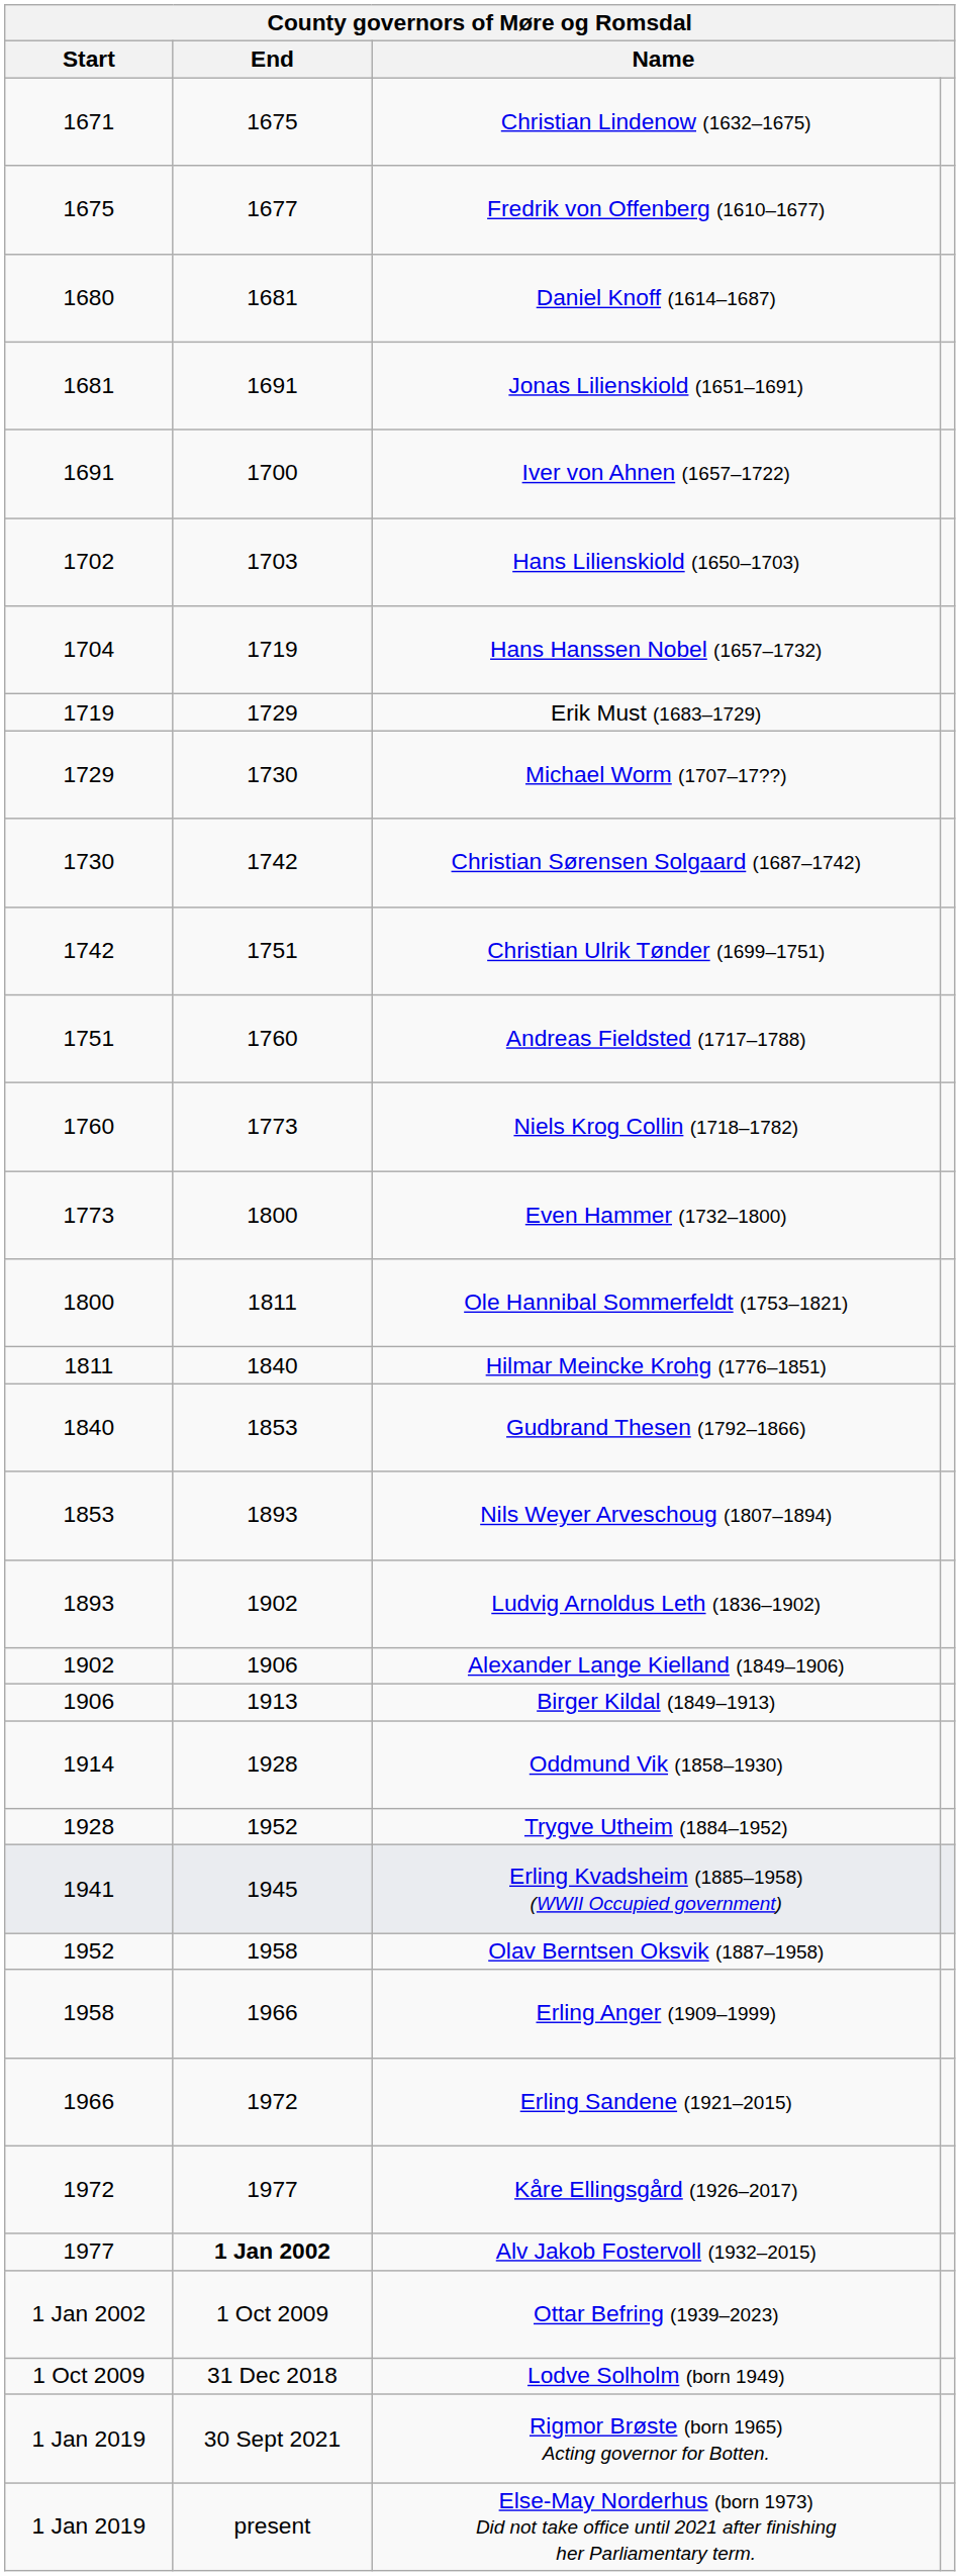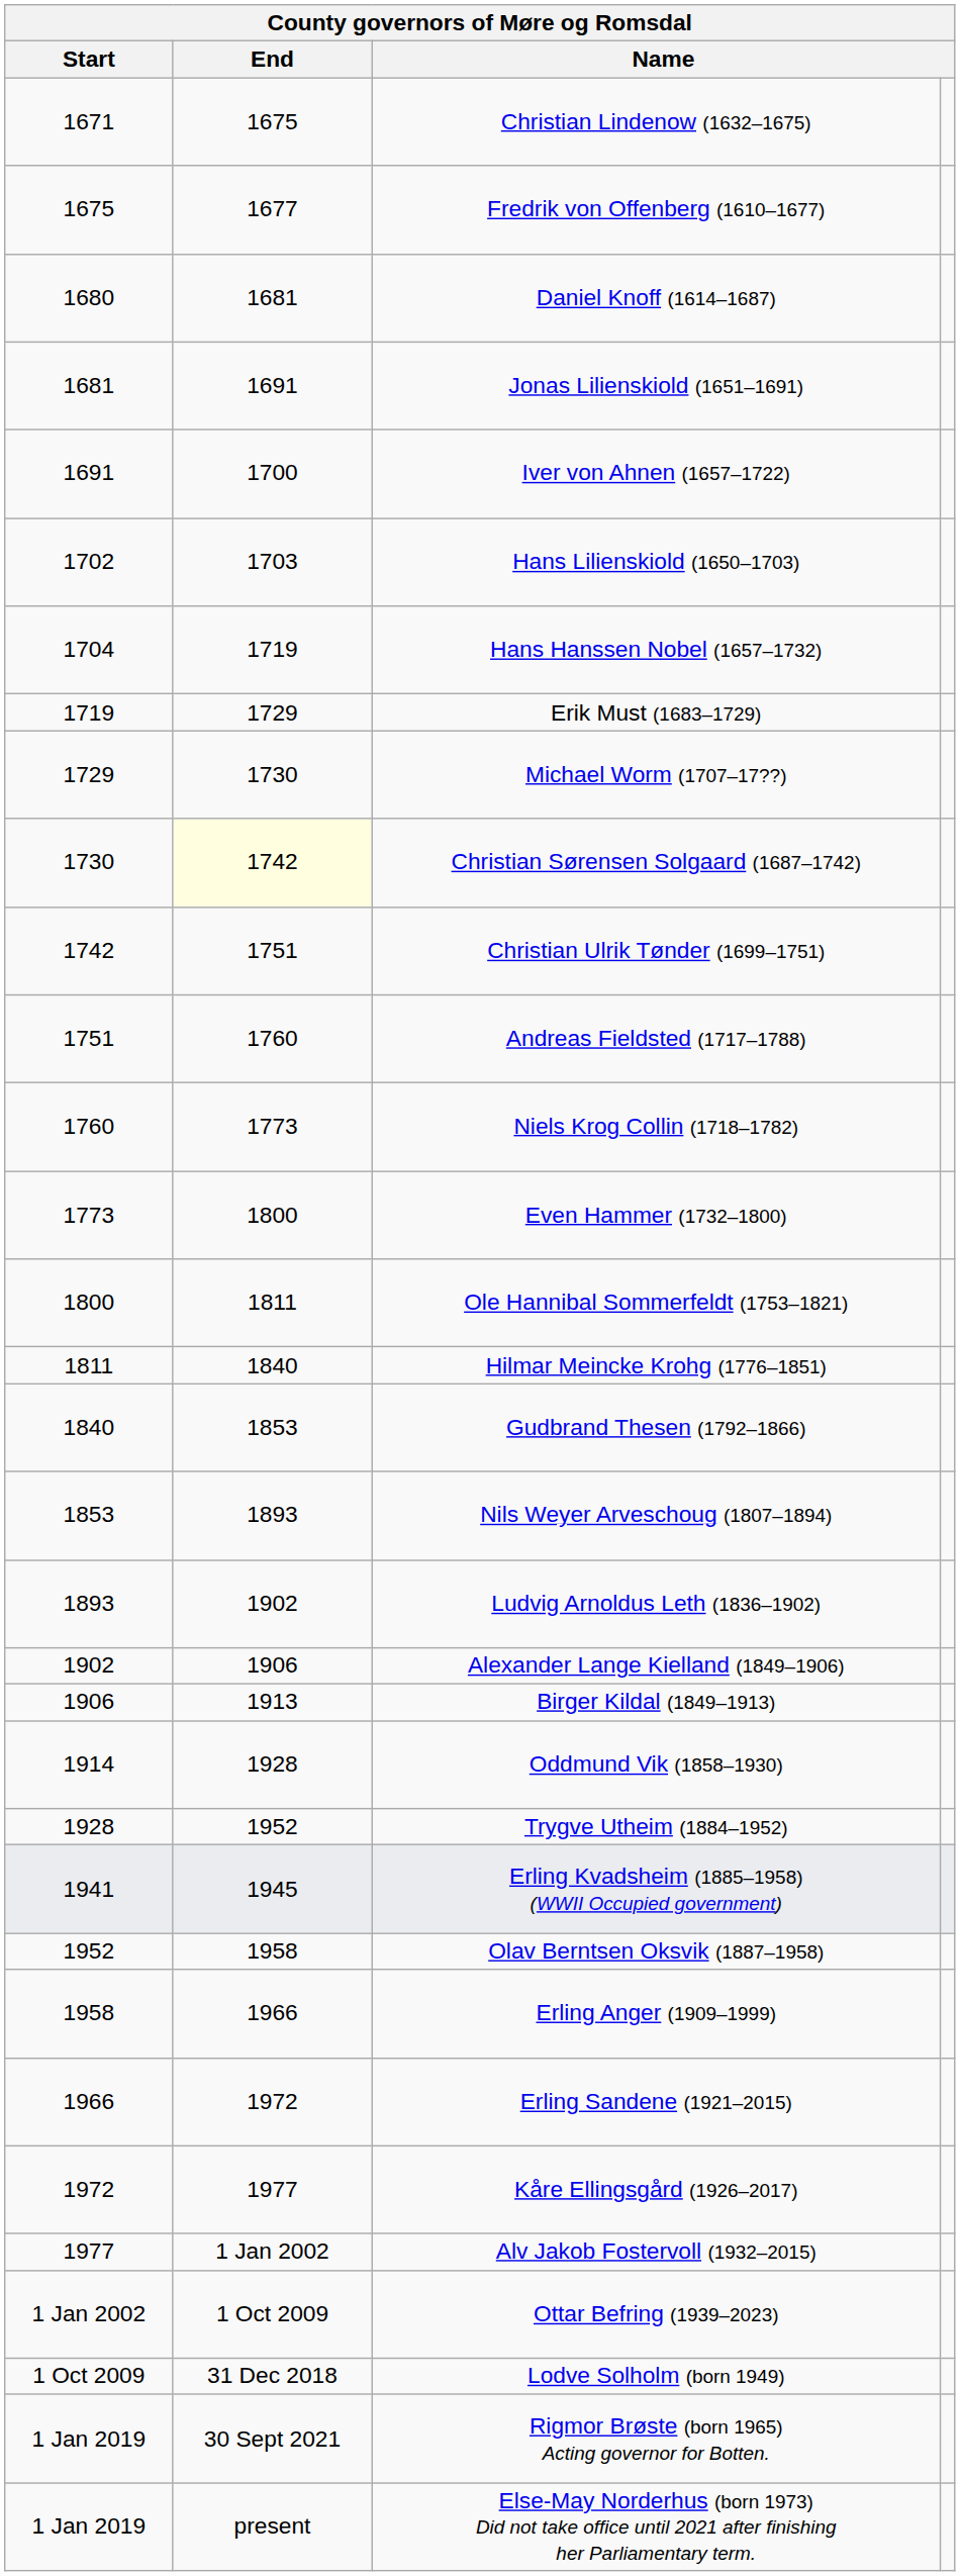 <table class="wikitable" style="text-align:center; width:75%;">
 <tr>
 <th colspan=5>County governors of Møre og Romsdal</th>
 </tr>
 <tr>
 <th>Start</th>
 <th>End</th>
 <th colspan="2">Name</th>
 </tr>
 <tr>
 <td>1671</td>
 <td>1675</td>
 <td><a href='#'>Christian Lindenow</a> <small>(1632–1675)</small></td>
 <td><br><br><br></td>
 </tr>
 <tr>
 <td>1675</td>
 <td>1677</td>
 <td><a href='#'>Fredrik von Offenberg</a> <small>(1610–1677)</small></td>
 <td><br><br><br></td>
 </tr>
 <tr>
 <td>1680</td>
 <td>1681</td>
 <td><a href='#'>Daniel Knoff</a> <small>(1614–1687)</small></td>
 <td><br><br><br></td>
 </tr>
 <tr>
 <td>1681</td>
 <td>1691</td>
 <td><a href='#'>Jonas Lilienskiold</a> <small>(1651–1691)</small></td>
 <td><br><br><br></td>
 </tr>
 <tr>
 <td>1691</td>
 <td>1700</td>
 <td><a href='#'>Iver von Ahnen</a> <small>(1657–1722)</small></td>
 <td><br><br><br></td>
 </tr>
 <tr>
 <td>1702</td>
 <td>1703</td>
 <td><a href='#'>Hans Lilienskiold</a> <small>(1650–1703)</small></td>
 <td><br><br><br></td>
 </tr>
 <tr>
 <td>1704</td>
 <td>1719</td>
 <td><a href='#'>Hans Hanssen Nobel</a> <small>(1657–1732)</small></td>
 <td><br><br><br></td>
 </tr>
 <tr>
 <td>1719</td>
 <td>1729</td>
 <td>Erik Must <small>(1683–1729)</small></td>
 <td></td>
 </tr>
 <tr>
 <td>1729</td>
 <td>1730</td>
 <td><a href='#'>Michael Worm</a> <small>(1707–17??)</small></td>
 <td><br><br><br></td>
 </tr>
 <tr>
 <td>1730</td>
-<td>1742</td>
+<td style="background: lightyellow;">1742</td>
 <td><a href='#'>Christian Sørensen Solgaard</a> <small>(1687–1742)</small></td>
 <td><br><br><br></td>
 </tr>
 <tr>
 <td>1742</td>
 <td>1751</td>
 <td><a href='#'>Christian Ulrik Tønder</a> <small>(1699–1751)</small></td>
 <td><br><br><br></td>
 </tr>
 <tr>
 <td>1751</td>
 <td>1760</td>
 <td><a href='#'>Andreas Fieldsted</a> <small>(1717–1788)</small></td>
 <td><br><br><br></td>
 </tr>
 <tr>
 <td>1760</td>
 <td>1773</td>
 <td><a href='#'>Niels Krog Collin</a> <small>(1718–1782)</small></td>
 <td><br><br><br></td>
 </tr>
 <tr>
 <td>1773</td>
 <td>1800</td>
 <td><a href='#'>Even Hammer</a> <small>(1732–1800)</small></td>
 <td><br><br><br></td>
 </tr>
 <tr>
 <td>1800</td>
 <td>1811</td>
 <td><a href='#'>Ole Hannibal Sommerfeldt</a> <small>(1753–1821)</small></td>
 <td><br><br><br></td>
 </tr>
 <tr>
 <td>1811</td>
 <td>1840</td>
 <td><a href='#'>Hilmar Meincke Krohg</a> <small>(1776–1851)</small></td>
 <td></td>
 </tr>
 <tr>
 <td>1840</td>
 <td>1853</td>
 <td><a href='#'>Gudbrand Thesen</a> <small>(1792–1866)</small></td>
 <td><br><br><br></td>
 </tr>
 <tr>
 <td>1853</td>
 <td>1893</td>
 <td><a href='#'>Nils Weyer Arveschoug</a> <small>(1807–1894)</small></td>
 <td><br><br><br></td>
 </tr>
 <tr>
 <td>1893</td>
 <td>1902</td>
 <td><a href='#'>Ludvig Arnoldus Leth</a> <small>(1836–1902)</small></td>
 <td><br><br><br></td>
 </tr>
 <tr>
 <td>1902</td>
 <td>1906</td>
 <td><a href='#'>Alexander Lange Kielland</a> <small>(1849–1906)</small></td>
 <td></td>
 </tr>
 <tr>
 <td>1906</td>
 <td>1913</td>
 <td><a href='#'>Birger Kildal</a> <small>(1849–1913)</small></td>
 <td></td>
 </tr>
 <tr>
 <td>1914</td>
 <td>1928</td>
 <td><a href='#'>Oddmund Vik</a> <small>(1858–1930)</small></td>
 <td><br><br><br></td>
 </tr>
 <tr>
 <td>1928</td>
 <td>1952</td>
 <td><a href='#'>Trygve Utheim</a> <small>(1884–1952)</small></td>
 <td></td>
 </tr>
 <tr bgcolor="#EAECF0">
 <td>1941</td>
 <td>1945</td>
 <td><a href='#'>Erling Kvadsheim</a> <small>(1885–1958)<br><em>(<a href='#'>WWII Occupied government</a>)</em></small></td>
 <td><br><br><br></td>
 </tr>
 <tr>
 <td>1952</td>
 <td>1958</td>
 <td><a href='#'>Olav Berntsen Oksvik</a> <small>(1887–1958)</small></td>
 <td></td>
 </tr>
 <tr>
 <td>1958</td>
 <td>1966</td>
 <td><a href='#'>Erling Anger</a> <small>(1909–1999)</small></td>
 <td><br><br><br></td>
 </tr>
 <tr>
 <td>1966</td>
 <td>1972</td>
 <td><a href='#'>Erling Sandene</a> <small>(1921–2015)</small></td>
 <td><br><br><br></td>
 </tr>
 <tr>
 <td>1972</td>
 <td>1977</td>
 <td><a href='#'>Kåre Ellingsgård</a> <small>(1926–2017)</small></td>
 <td><br><br><br></td>
 </tr>
 <tr>
 <td>1977</td>
-<td><strong>1 Jan 2002</strong></td>
+<td>1 Jan 2002</td>
 <td><a href='#'>Alv Jakob Fostervoll</a> <small>(1932–2015)</small></td>
 <td></td>
 </tr>
 <tr>
 <td>1 Jan 2002</td>
 <td>1 Oct 2009</td>
 <td><a href='#'>Ottar Befring</a> <small>(1939–2023)</small></td>
 <td><br><br><br></td>
 </tr>
 <tr>
 <td>1 Oct 2009</td>
 <td>31 Dec 2018</td>
 <td><a href='#'>Lodve Solholm</a> <small>(born 1949)</small></td>
 <td></td>
 </tr>
 <tr>
 <td>1 Jan 2019</td>
 <td>30 Sept 2021</td>
 <td><a href='#'>Rigmor Brøste</a> <small>(born 1965)</small><br><small><em>Acting governor for Botten.</em></small></td>
 <td><br><br><br></td>
 </tr>
 <tr>
 <td>1 Jan 2019</td>
 <td>present</td>
 <td><a href='#'>Else-May Norderhus</a> <small>(born 1973)</small><br><small><em>Did not take office until 2021 after finishing<br>her Parliamentary term.</em></small></td>
 <td></td>
 </tr>
 </table>
